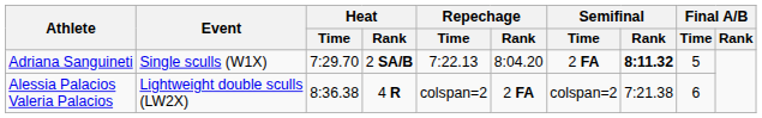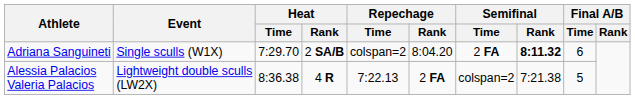 <table class=wikitable style=font-size:90%;text-align:center>
 <tr>
 <th rowspan=2>Athlete</th>
 <th rowspan=2>Event</th>
 <th colspan=2>Heat</th>
 <th colspan=2>Repechage</th>
 <th colspan=2>Semifinal</th>
 <th colspan=2>Final A/B</th>
 </tr>
 <tr style=font-size:95%>
 <th>Time</th>
 <th>Rank</th>
 <th>Time</th>
 <th>Rank</th>
 <th>Time</th>
 <th>Rank</th>
 <th>Time</th>
 <th>Rank</th>
 </tr>
 <tr>
 <td align=left><a href='#'>Adriana Sanguineti</a></td>
 <td align=left><a href='#'>Single sculls</a> (W1X)</td>
 <td>7:29.70</td>
 <td>2 <strong>SA/B</strong></td>
-<td>7:22.13</td>
+<td>colspan=2 </td>
 <td>8:04.20</td>
 <td>2 <strong>FA</strong></td>
 <td><strong>8:11.32</strong></td>
-<td>5</td>
+<td>6</td>
 </tr>
 <tr>
 <td align=left><a href='#'>Alessia Palacios</a><br><a href='#'>Valeria Palacios</a></td>
 <td align=left><a href='#'>Lightweight double sculls</a><br>(LW2X)</td>
 <td>8:36.38</td>
 <td>4 <strong>R</strong></td>
-<td>colspan=2 </td>
+<td>7:22.13</td>
 <td>2 <strong>FA</strong></td>
 <td>colspan=2 </td>
 <td>7:21.38</td>
-<td>6</td>
+<td>5</td>
 </tr>
 </table>
